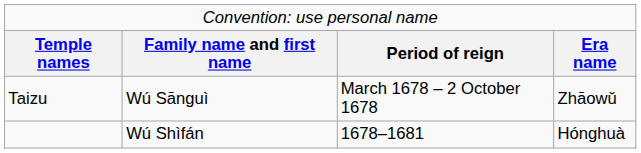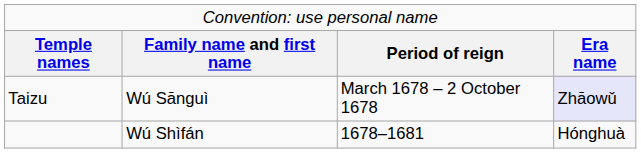 <table class="wikitable">
 <tr>
 <td colspan="4" style="text-align:center;"><em>Convention: use personal name</em></td>
 </tr>
 <tr>
 <th><a href='#'>Temple names</a></th>
 <th><a href='#'>Family name</a> and <a href='#'>first name</a></th>
 <th>Period of reign</th>
 <th><a href='#'>Era name</a></th>
 </tr>
 <tr>
 <td>Taizu</td>
 <td>Wú Sānguì</td>
 <td>March 1678 – 2 October 1678</td>
-<td>Zhāowǔ</td>
+<td style="background: lavender;">Zhāowǔ</td>
 </tr>
 <tr>
 <td></td>
 <td>Wú Shìfán</td>
 <td>1678–1681</td>
 <td>Hónghuà</td>
 </tr>
 </table>
